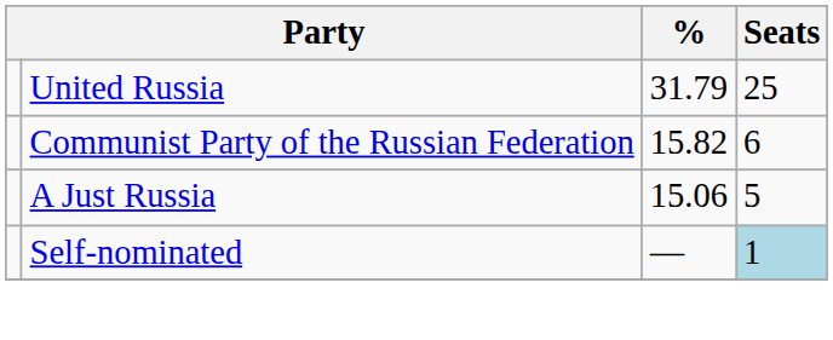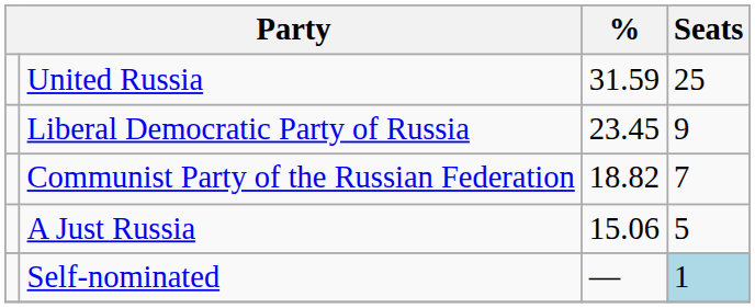 <table class="wikitable">
 <tr>
 <th colspan=2>Party</th>
 <th>%</th>
 <th>Seats</th>
 </tr>
 <tr>
 <td style="background:"></td>
 <td><a href='#'>United Russia</a></td>
-<td>31.79</td>
+<td>31.59</td>
 <td>25</td>
 </tr>
 <tr>
 <td style="background:"></td>
+<td><a href='#'>Liberal Democratic Party of Russia</a></td>
+<td>23.45</td>
+<td>9</td>
+</tr>
+<tr>
+<td style="background:"></td>
 <td><a href='#'>Communist Party of the Russian Federation</a></td>
-<td>15.82</td>
-<td>6</td>
+<td>18.82</td>
+<td>7</td>
 </tr>
 <tr>
 <td style="background:"></td>
 <td><a href='#'>A Just Russia</a></td>
 <td>15.06</td>
 <td>5</td>
 </tr>
 <tr>
 <td style="background:"></td>
 <td><a href='#'>Self-nominated</a></td>
 <td>—</td>
 <td style="background: lightblue;">1</td>
 </tr>
 <tr>
 </tr>
 </table>
